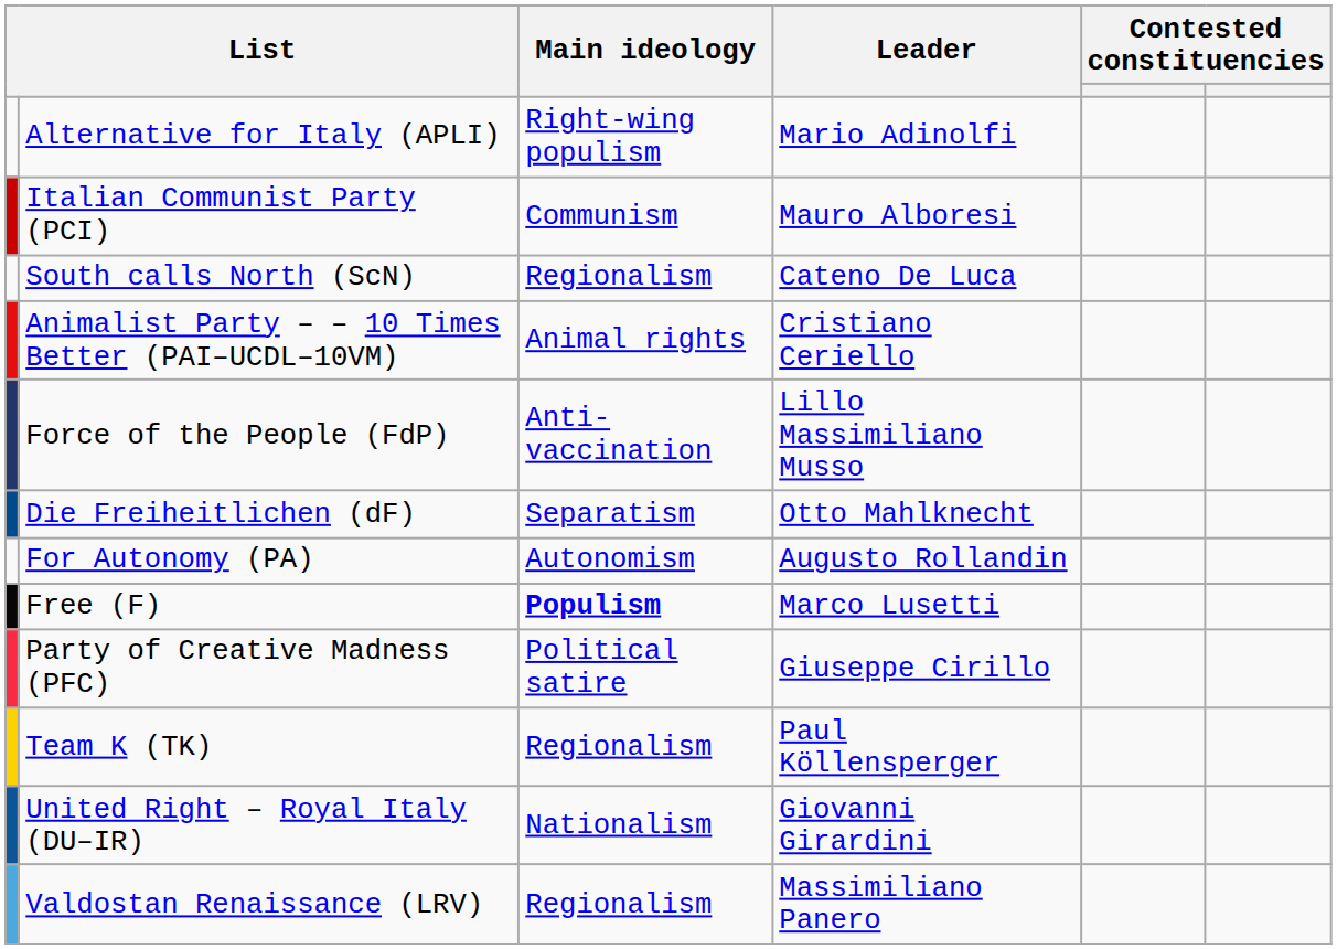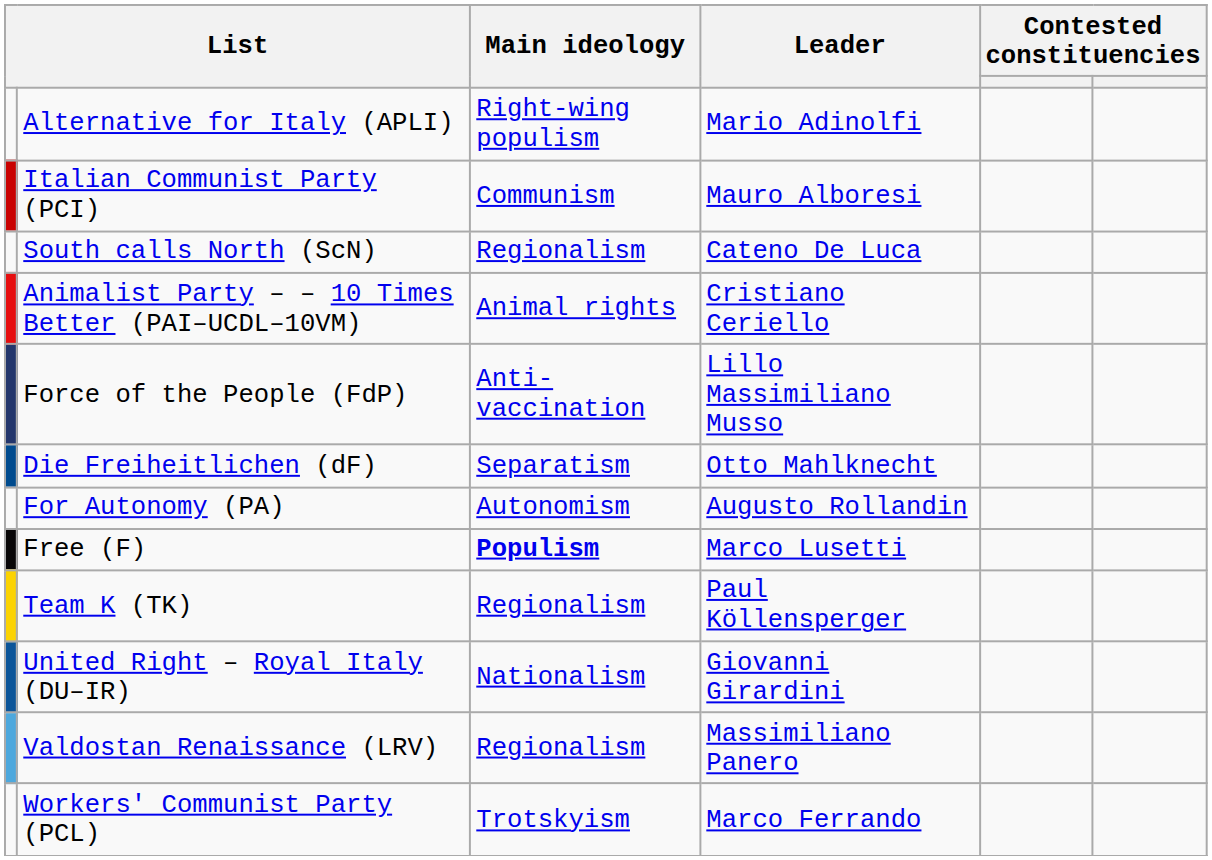 <table class=wikitable style=text-align:left>
 <tr>
 <th rowspan=2 colspan="2">List</th>
 <th rowspan=2>Main ideology</th>
 <th rowspan=2>Leader</th>
 <th colspan="2">Contested<br> constituencies</th>
 </tr>
 <tr>
 <th></th>
 <th></th>
 </tr>
 <tr>
 <td style="background:"></td>
 <td><a href='#'>Alternative for Italy</a> (APLI)</td>
 <td><a href='#'>Right-wing populism</a></td>
 <td><a href='#'>Mario Adinolfi</a></td>
 <td></td>
 <td></td>
 </tr>
 <tr>
 <td style="background:#c90201"></td>
 <td><a href='#'>Italian Communist Party</a> (PCI)</td>
 <td><a href='#'>Communism</a></td>
 <td><a href='#'>Mauro Alboresi</a></td>
 <td></td>
 <td></td>
 </tr>
 <tr>
 <td style="background:"></td>
 <td><a href='#'>South calls North</a> (ScN)</td>
 <td><a href='#'>Regionalism</a></td>
 <td><a href='#'>Cateno De Luca</a></td>
 <td></td>
 <td></td>
 </tr>
 <tr>
 <td style="background:#E60E0F"></td>
 <td><a href='#'>Animalist Party</a> –  – <a href='#'>10 Times Better</a> (PAI–UCDL–10VM)</td>
 <td><a href='#'>Animal rights</a></td>
 <td><a href='#'>Cristiano Ceriello</a></td>
 <td></td>
 <td></td>
 </tr>
 <tr>
 <td style="background:#23366c"></td>
 <td>Force of the People (FdP)</td>
 <td><a href='#'>Anti-vaccination</a></td>
 <td><a href='#'>Lillo Massimiliano Musso</a></td>
 <td></td>
 <td></td>
 </tr>
 <tr>
 <td style="background:#004b8e"></td>
 <td><a href='#'>Die Freiheitlichen</a> (dF)</td>
 <td><a href='#'>Separatism</a></td>
 <td><a href='#'>Otto Mahlknecht</a></td>
 <td></td>
 <td></td>
 </tr>
 <tr>
 <td style="background: "></td>
 <td><a href='#'>For Autonomy</a> (PA)</td>
 <td><a href='#'>Autonomism</a></td>
 <td><a href='#'>Augusto Rollandin</a></td>
 <td></td>
 <td></td>
 </tr>
 <tr>
 <td style="background:#080607"></td>
 <td>Free (F)</td>
 <td><strong><a href='#'>Populism</a></strong></td>
 <td><a href='#'>Marco Lusetti</a></td>
 <td></td>
 <td></td>
 </tr>
 <tr>
-<td style="background:#FB2B45"></td>
-<td>Party of Creative Madness (PFC)</td>
-<td><a href='#'>Political satire</a></td>
-<td><a href='#'>Giuseppe Cirillo</a></td>
-<td></td>
-<td></td>
-</tr>
-<tr>
 <td style="background:#FCD300"></td>
 <td><a href='#'>Team K</a> (TK)</td>
 <td><a href='#'>Regionalism</a></td>
 <td><a href='#'>Paul Köllensperger</a></td>
 <td></td>
 <td></td>
 </tr>
 <tr>
 <td style="background:#0C5599"></td>
 <td><a href='#'>United Right</a> – <a href='#'>Royal Italy</a> (DU–IR)</td>
 <td><a href='#'>Nationalism</a></td>
 <td><a href='#'>Giovanni Girardini</a></td>
 <td></td>
 <td></td>
 </tr>
 <tr>
 <td style="background:#4DA8DD"></td>
 <td><a href='#'>Valdostan Renaissance</a> (LRV)</td>
 <td><a href='#'>Regionalism</a></td>
 <td><a href='#'>Massimiliano Panero</a></td>
 <td></td>
 <td></td>
 </tr>
 <tr>
+<td style="background:"></td>
+<td><a href='#'>Workers' Communist Party</a> (PCL)</td>
+<td><a href='#'>Trotskyism</a></td>
+<td><a href='#'>Marco Ferrando</a></td>
+<td></td>
+<td></td>
+</tr>
+<tr>
 </tr>
 </table>
